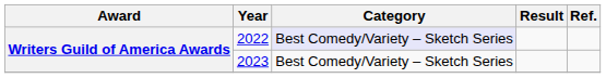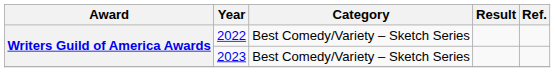 <table class="wikitable">
 <tr>
 <th>Award</th>
 <th>Year</th>
 <th>Category</th>
 <th>Result</th>
 <th>Ref.</th>
 </tr>
 <tr>
 <th rowspan="2"><a href='#'>Writers Guild of America Awards</a></th>
 <td><a href='#'>2022</a></td>
-<td style="background: lavender;">Best Comedy/Variety – Sketch Series</td>
+<td>Best Comedy/Variety – Sketch Series</td>
 <td></td>
 <td></td>
 </tr>
 <tr>
 <td><a href='#'>2023</a></td>
 <td>Best Comedy/Variety – Sketch Series</td>
 <td></td>
 <td></td>
 </tr>
 <tr>
 </tr>
 </table>
